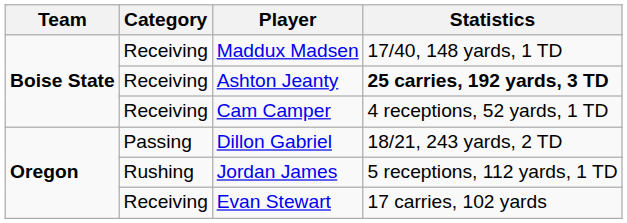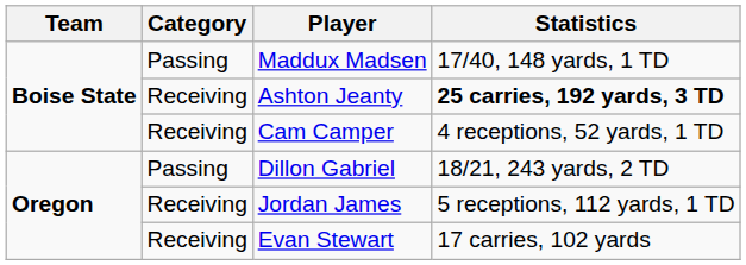 <table class="wikitable" style="float: right;">
 <tr>
 <th>Team</th>
 <th>Category</th>
 <th>Player</th>
 <th>Statistics</th>
 </tr>
 <tr>
 <td rowspan=3><strong>Boise State</strong></td>
-<td>Receiving</td>
+<td>Passing</td>
 <td><a href='#'>Maddux Madsen</a></td>
 <td>17/40, 148 yards, 1 TD</td>
 </tr>
 <tr>
 <td>Receiving</td>
 <td><a href='#'>Ashton Jeanty</a></td>
 <td><strong>25 carries, 192 yards, 3 TD</strong></td>
 </tr>
 <tr>
 <td>Receiving</td>
 <td><a href='#'>Cam Camper</a></td>
 <td>4 receptions, 52 yards, 1 TD</td>
 </tr>
 <tr>
 <td rowspan=3><strong>Oregon</strong></td>
 <td>Passing</td>
 <td><a href='#'>Dillon Gabriel</a></td>
 <td>18/21, 243 yards, 2 TD</td>
 </tr>
 <tr>
-<td>Rushing</td>
+<td>Receiving</td>
 <td><a href='#'>Jordan James</a></td>
 <td>5 receptions, 112 yards, 1 TD</td>
 </tr>
 <tr>
 <td>Receiving</td>
 <td><a href='#'>Evan Stewart</a></td>
 <td>17 carries, 102 yards</td>
 </tr>
 </table>
